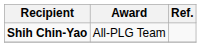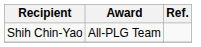 <table class="wikitable">
 <tr>
 <th>Recipient</th>
 <th>Award</th>
 <th>Ref.</th>
 </tr>
 <tr>
-<td><strong>Shih Chin-Yao</strong></td>
+<td>Shih Chin-Yao</td>
 <td>All-PLG Team</td>
 <td></td>
 </tr>
 <tr>
 </tr>
 </table>
